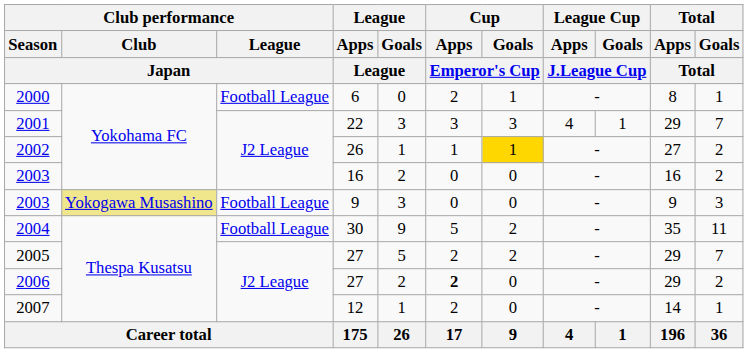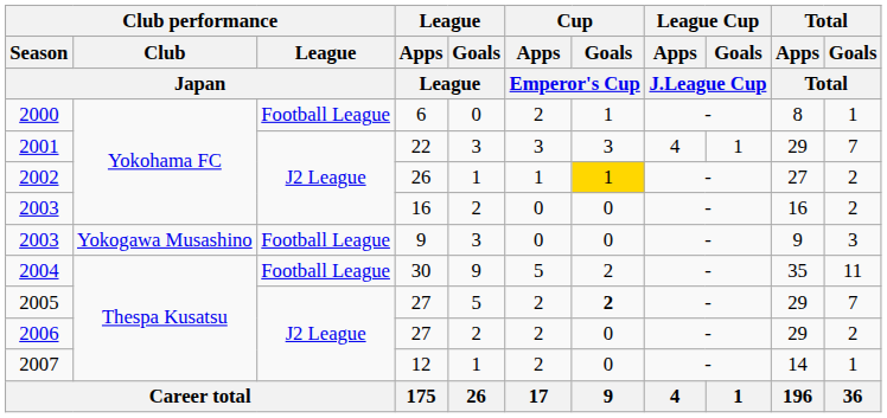 <table class="wikitable" style="text-align:center">
 <tr>
 <th colspan=3>Club performance</th>
 <th colspan=2>League</th>
 <th colspan=2>Cup</th>
 <th colspan=2>League Cup</th>
 <th colspan=2>Total</th>
 </tr>
 <tr>
 <th>Season</th>
 <th>Club</th>
 <th>League</th>
 <th>Apps</th>
 <th>Goals</th>
 <th>Apps</th>
 <th>Goals</th>
 <th>Apps</th>
 <th>Goals</th>
 <th>Apps</th>
 <th>Goals</th>
 </tr>
 <tr>
 <th colspan=3>Japan</th>
 <th colspan=2>League</th>
 <th colspan=2><a href='#'>Emperor's Cup</a></th>
 <th colspan=2><a href='#'>J.League Cup</a></th>
 <th colspan=2>Total</th>
 </tr>
 <tr>
 <td><a href='#'>2000</a></td>
 <td rowspan="4"><a href='#'>Yokohama FC</a></td>
 <td><a href='#'>Football League</a></td>
 <td>6</td>
 <td>0</td>
 <td>2</td>
 <td>1</td>
 <td colspan="2">-</td>
 <td>8</td>
 <td>1</td>
 </tr>
 <tr>
 <td><a href='#'>2001</a></td>
 <td rowspan="3"><a href='#'>J2 League</a></td>
 <td>22</td>
 <td>3</td>
 <td>3</td>
 <td>3</td>
 <td>4</td>
 <td>1</td>
 <td>29</td>
 <td>7</td>
 </tr>
 <tr>
 <td><a href='#'>2002</a></td>
 <td>26</td>
 <td>1</td>
 <td>1</td>
 <td style="background: gold;">1</td>
 <td colspan="2">-</td>
 <td>27</td>
 <td>2</td>
 </tr>
 <tr>
 <td><a href='#'>2003</a></td>
 <td>16</td>
 <td>2</td>
 <td>0</td>
 <td>0</td>
 <td colspan="2">-</td>
 <td>16</td>
 <td>2</td>
 </tr>
 <tr>
 <td><a href='#'>2003</a></td>
-<td style="background: khaki;"><a href='#'>Yokogawa Musashino</a></td>
+<td><a href='#'>Yokogawa Musashino</a></td>
 <td><a href='#'>Football League</a></td>
 <td>9</td>
 <td>3</td>
 <td>0</td>
 <td>0</td>
 <td colspan="2">-</td>
 <td>9</td>
 <td>3</td>
 </tr>
 <tr>
 <td><a href='#'>2004</a></td>
 <td rowspan="4"><a href='#'>Thespa Kusatsu</a></td>
 <td><a href='#'>Football League</a></td>
 <td>30</td>
 <td>9</td>
 <td>5</td>
 <td>2</td>
 <td colspan="2">-</td>
 <td>35</td>
 <td>11</td>
 </tr>
 <tr>
 <td>2005</td>
 <td rowspan="3"><a href='#'>J2 League</a></td>
 <td>27</td>
 <td>5</td>
 <td>2</td>
-<td>2</td>
+<td><strong>2</strong></td>
 <td colspan="2">-</td>
 <td>29</td>
 <td>7</td>
 </tr>
 <tr>
 <td><a href='#'>2006</a></td>
 <td>27</td>
 <td>2</td>
-<td><strong>2</strong></td>
+<td>2</td>
 <td>0</td>
 <td colspan="2">-</td>
 <td>29</td>
 <td>2</td>
 </tr>
 <tr>
 <td>2007</td>
 <td>12</td>
 <td>1</td>
 <td>2</td>
 <td>0</td>
 <td colspan="2">-</td>
 <td>14</td>
 <td>1</td>
 </tr>
 <tr>
 <th colspan=3>Career total</th>
 <th>175</th>
 <th>26</th>
 <th>17</th>
 <th>9</th>
 <th>4</th>
 <th>1</th>
 <th>196</th>
 <th>36</th>
 </tr>
 </table>
